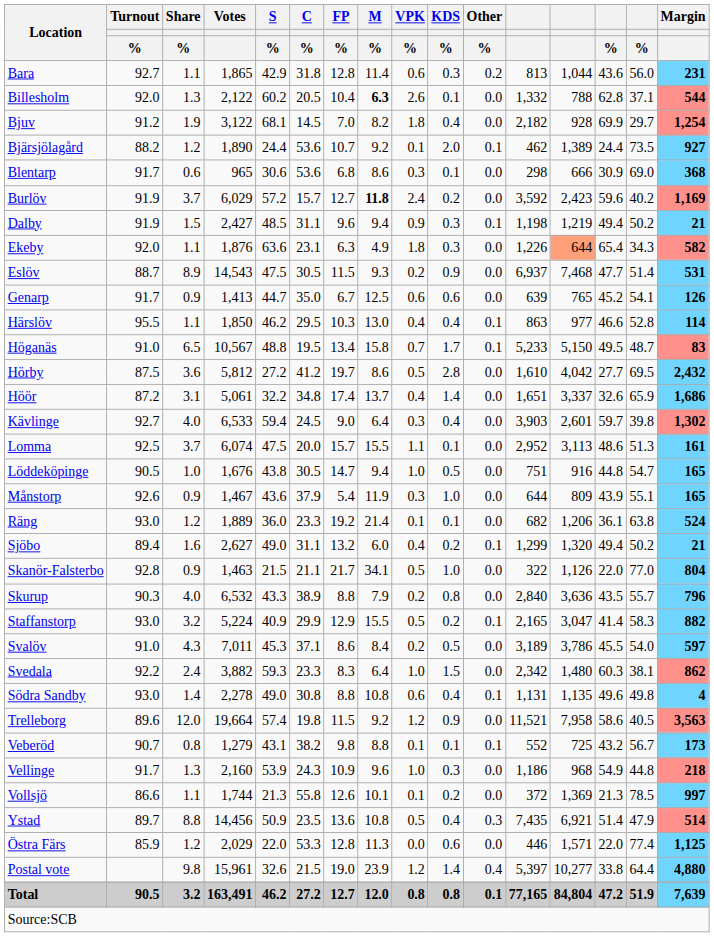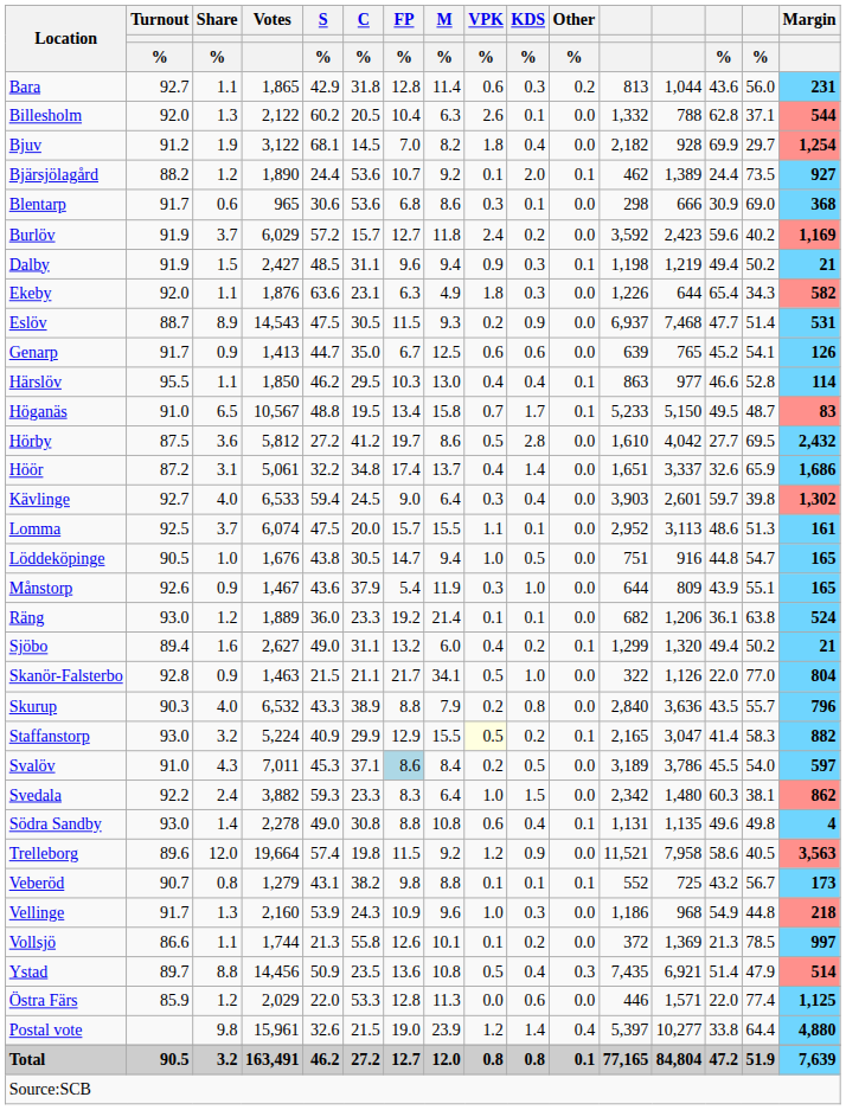 <table class="wikitable sortable" style="text-align:right; font-size:95%; line-height:20px;">
 <tr>
 <th rowspan="3">Location</th>
 <th>Turnout</th>
 <th>Share</th>
 <th>Votes</th>
 <th width="30px" class="unsortable"><a href='#'>S</a></th>
 <th width="30px" class="unsortable"><a href='#'>C</a></th>
 <th width="30px" class="unsortable"><a href='#'>FP</a></th>
 <th width="30px" class="unsortable"><a href='#'>M</a></th>
 <th width="30px" class="unsortable"><a href='#'>VPK</a></th>
 <th width="30px" class="unsortable"><a href='#'>KDS</a></th>
 <th width="30px" class="unsortable">Other</th>
 <th></th>
 <th></th>
 <th></th>
 <th></th>
 <th>Margin</th>
 </tr>
 <tr>
 <th></th>
 <th></th>
 <th></th>
 <th style="background:"></th>
 <th style="background:"></th>
 <th style="background:"></th>
 <th style="background:"></th>
 <th style="background:"></th>
 <th style="background:"></th>
 <th style="background:"></th>
 <th style="background:"></th>
 <th style="background:"></th>
 <th style="background:"></th>
 <th style="background:"></th>
 <th></th>
 </tr>
 <tr>
 <th data-sort-type="number">%</th>
 <th data-sort-type="number">%</th>
 <th></th>
 <th data-sort-type="number">%</th>
 <th data-sort-type="number">%</th>
 <th data-sort-type="number">%</th>
 <th data-sort-type="number">%</th>
 <th data-sort-type="number">%</th>
 <th data-sort-type="number">%</th>
 <th data-sort-type="number">%</th>
 <th data-sort-type="number"></th>
 <th data-sort-type="number"></th>
 <th data-sort-type="number">%</th>
 <th data-sort-type="number">%</th>
 <th data-sort-type="number"></th>
 </tr>
 <tr>
 <td align=left><a href='#'>Bara</a></td>
 <td>92.7</td>
 <td>1.1</td>
 <td>1,865</td>
 <td>42.9</td>
 <td>31.8</td>
 <td>12.8</td>
 <td>11.4</td>
 <td>0.6</td>
 <td>0.3</td>
 <td>0.2</td>
 <td>813</td>
 <td>1,044</td>
 <td>43.6</td>
 <td>56.0</td>
 <td bgcolor=#6fd5fe><strong>231</strong></td>
 </tr>
 <tr>
 <td align=left><a href='#'>Billesholm</a></td>
 <td>92.0</td>
 <td>1.3</td>
 <td>2,122</td>
 <td>60.2</td>
 <td>20.5</td>
 <td>10.4</td>
-<td><strong>6.3</strong></td>
+<td>6.3</td>
 <td>2.6</td>
 <td>0.1</td>
 <td>0.0</td>
 <td>1,332</td>
 <td>788</td>
 <td>62.8</td>
 <td>37.1</td>
 <td bgcolor=#ff908c><strong>544</strong></td>
 </tr>
 <tr>
 <td align=left><a href='#'>Bjuv</a></td>
 <td>91.2</td>
 <td>1.9</td>
 <td>3,122</td>
 <td>68.1</td>
 <td>14.5</td>
 <td>7.0</td>
 <td>8.2</td>
 <td>1.8</td>
 <td>0.4</td>
 <td>0.0</td>
 <td>2,182</td>
 <td>928</td>
 <td>69.9</td>
 <td>29.7</td>
 <td bgcolor=#ff908c><strong>1,254</strong></td>
 </tr>
 <tr>
 <td align=left><a href='#'>Bjärsjölagård</a></td>
 <td>88.2</td>
 <td>1.2</td>
 <td>1,890</td>
 <td>24.4</td>
 <td>53.6</td>
 <td>10.7</td>
 <td>9.2</td>
 <td>0.1</td>
 <td>2.0</td>
 <td>0.1</td>
 <td>462</td>
 <td>1,389</td>
 <td>24.4</td>
 <td>73.5</td>
 <td bgcolor=#6fd5fe><strong>927</strong></td>
 </tr>
 <tr>
 <td align=left><a href='#'>Blentarp</a></td>
 <td>91.7</td>
 <td>0.6</td>
 <td>965</td>
 <td>30.6</td>
 <td>53.6</td>
 <td>6.8</td>
 <td>8.6</td>
 <td>0.3</td>
 <td>0.1</td>
 <td>0.0</td>
 <td>298</td>
 <td>666</td>
 <td>30.9</td>
 <td>69.0</td>
 <td bgcolor=#6fd5fe><strong>368</strong></td>
 </tr>
 <tr>
 <td align=left><a href='#'>Burlöv</a></td>
 <td>91.9</td>
 <td>3.7</td>
 <td>6,029</td>
 <td>57.2</td>
 <td>15.7</td>
 <td>12.7</td>
-<td><strong>11.8</strong></td>
+<td>11.8</td>
 <td>2.4</td>
 <td>0.2</td>
 <td>0.0</td>
 <td>3,592</td>
 <td>2,423</td>
 <td>59.6</td>
 <td>40.2</td>
 <td bgcolor=#ff908c><strong>1,169</strong></td>
 </tr>
 <tr>
 <td align=left><a href='#'>Dalby</a></td>
 <td>91.9</td>
 <td>1.5</td>
 <td>2,427</td>
 <td>48.5</td>
 <td>31.1</td>
 <td>9.6</td>
 <td>9.4</td>
 <td>0.9</td>
 <td>0.3</td>
 <td>0.1</td>
 <td>1,198</td>
 <td>1,219</td>
 <td>49.4</td>
 <td>50.2</td>
 <td bgcolor=#6fd5fe><strong>21</strong></td>
 </tr>
 <tr>
 <td align=left><a href='#'>Ekeby</a></td>
 <td>92.0</td>
 <td>1.1</td>
 <td>1,876</td>
 <td>63.6</td>
 <td>23.1</td>
 <td>6.3</td>
 <td>4.9</td>
 <td>1.8</td>
 <td>0.3</td>
 <td>0.0</td>
 <td>1,226</td>
-<td style="background: lightsalmon;">644</td>
+<td>644</td>
 <td>65.4</td>
 <td>34.3</td>
 <td bgcolor=#ff908c><strong>582</strong></td>
 </tr>
 <tr>
 <td align=left><a href='#'>Eslöv</a></td>
 <td>88.7</td>
 <td>8.9</td>
 <td>14,543</td>
 <td>47.5</td>
 <td>30.5</td>
 <td>11.5</td>
 <td>9.3</td>
 <td>0.2</td>
 <td>0.9</td>
 <td>0.0</td>
 <td>6,937</td>
 <td>7,468</td>
 <td>47.7</td>
 <td>51.4</td>
 <td bgcolor=#6fd5fe><strong>531</strong></td>
 </tr>
 <tr>
 <td align=left><a href='#'>Genarp</a></td>
 <td>91.7</td>
 <td>0.9</td>
 <td>1,413</td>
 <td>44.7</td>
 <td>35.0</td>
 <td>6.7</td>
 <td>12.5</td>
 <td>0.6</td>
 <td>0.6</td>
 <td>0.0</td>
 <td>639</td>
 <td>765</td>
 <td>45.2</td>
 <td>54.1</td>
 <td bgcolor=#6fd5fe><strong>126</strong></td>
 </tr>
 <tr>
 <td align=left><a href='#'>Härslöv</a></td>
 <td>95.5</td>
 <td>1.1</td>
 <td>1,850</td>
 <td>46.2</td>
 <td>29.5</td>
 <td>10.3</td>
 <td>13.0</td>
 <td>0.4</td>
 <td>0.4</td>
 <td>0.1</td>
 <td>863</td>
 <td>977</td>
 <td>46.6</td>
 <td>52.8</td>
 <td bgcolor=#6fd5fe><strong>114</strong></td>
 </tr>
 <tr>
 <td align=left><a href='#'>Höganäs</a></td>
 <td>91.0</td>
 <td>6.5</td>
 <td>10,567</td>
 <td>48.8</td>
 <td>19.5</td>
 <td>13.4</td>
 <td>15.8</td>
 <td>0.7</td>
 <td>1.7</td>
 <td>0.1</td>
 <td>5,233</td>
 <td>5,150</td>
 <td>49.5</td>
 <td>48.7</td>
 <td bgcolor=#ff908c><strong>83</strong></td>
 </tr>
 <tr>
 <td align=left><a href='#'>Hörby</a></td>
 <td>87.5</td>
 <td>3.6</td>
 <td>5,812</td>
 <td>27.2</td>
 <td>41.2</td>
 <td>19.7</td>
 <td>8.6</td>
 <td>0.5</td>
 <td>2.8</td>
 <td>0.0</td>
 <td>1,610</td>
 <td>4,042</td>
 <td>27.7</td>
 <td>69.5</td>
 <td bgcolor=#6fd5fe><strong>2,432</strong></td>
 </tr>
 <tr>
 <td align=left><a href='#'>Höör</a></td>
 <td>87.2</td>
 <td>3.1</td>
 <td>5,061</td>
 <td>32.2</td>
 <td>34.8</td>
 <td>17.4</td>
 <td>13.7</td>
 <td>0.4</td>
 <td>1.4</td>
 <td>0.0</td>
 <td>1,651</td>
 <td>3,337</td>
 <td>32.6</td>
 <td>65.9</td>
 <td bgcolor=#6fd5fe><strong>1,686</strong></td>
 </tr>
 <tr>
 <td align=left><a href='#'>Kävlinge</a></td>
 <td>92.7</td>
 <td>4.0</td>
 <td>6,533</td>
 <td>59.4</td>
 <td>24.5</td>
 <td>9.0</td>
 <td>6.4</td>
 <td>0.3</td>
 <td>0.4</td>
 <td>0.0</td>
 <td>3,903</td>
 <td>2,601</td>
 <td>59.7</td>
 <td>39.8</td>
 <td bgcolor=#ff908c><strong>1,302</strong></td>
 </tr>
 <tr>
 <td align=left><a href='#'>Lomma</a></td>
 <td>92.5</td>
 <td>3.7</td>
 <td>6,074</td>
 <td>47.5</td>
 <td>20.0</td>
 <td>15.7</td>
 <td>15.5</td>
 <td>1.1</td>
 <td>0.1</td>
 <td>0.0</td>
 <td>2,952</td>
 <td>3,113</td>
 <td>48.6</td>
 <td>51.3</td>
 <td bgcolor=#6fd5fe><strong>161</strong></td>
 </tr>
 <tr>
 <td align=left><a href='#'>Löddeköpinge</a></td>
 <td>90.5</td>
 <td>1.0</td>
 <td>1,676</td>
 <td>43.8</td>
 <td>30.5</td>
 <td>14.7</td>
 <td>9.4</td>
 <td>1.0</td>
 <td>0.5</td>
 <td>0.0</td>
 <td>751</td>
 <td>916</td>
 <td>44.8</td>
 <td>54.7</td>
 <td bgcolor=#6fd5fe><strong>165</strong></td>
 </tr>
 <tr>
 <td align=left><a href='#'>Månstorp</a></td>
 <td>92.6</td>
 <td>0.9</td>
 <td>1,467</td>
 <td>43.6</td>
 <td>37.9</td>
 <td>5.4</td>
 <td>11.9</td>
 <td>0.3</td>
 <td>1.0</td>
 <td>0.0</td>
 <td>644</td>
 <td>809</td>
 <td>43.9</td>
 <td>55.1</td>
 <td bgcolor=#6fd5fe><strong>165</strong></td>
 </tr>
 <tr>
 <td align=left><a href='#'>Räng</a></td>
 <td>93.0</td>
 <td>1.2</td>
 <td>1,889</td>
 <td>36.0</td>
 <td>23.3</td>
 <td>19.2</td>
 <td>21.4</td>
 <td>0.1</td>
 <td>0.1</td>
 <td>0.0</td>
 <td>682</td>
 <td>1,206</td>
 <td>36.1</td>
 <td>63.8</td>
 <td bgcolor=#6fd5fe><strong>524</strong></td>
 </tr>
 <tr>
 <td align=left><a href='#'>Sjöbo</a></td>
 <td>89.4</td>
 <td>1.6</td>
 <td>2,627</td>
 <td>49.0</td>
 <td>31.1</td>
 <td>13.2</td>
 <td>6.0</td>
 <td>0.4</td>
 <td>0.2</td>
 <td>0.1</td>
 <td>1,299</td>
 <td>1,320</td>
 <td>49.4</td>
 <td>50.2</td>
 <td bgcolor=#6fd5fe><strong>21</strong></td>
 </tr>
 <tr>
 <td align=left><a href='#'>Skanör-Falsterbo</a></td>
 <td>92.8</td>
 <td>0.9</td>
 <td>1,463</td>
 <td>21.5</td>
 <td>21.1</td>
 <td>21.7</td>
 <td>34.1</td>
 <td>0.5</td>
 <td>1.0</td>
 <td>0.0</td>
 <td>322</td>
 <td>1,126</td>
 <td>22.0</td>
 <td>77.0</td>
 <td bgcolor=#6fd5fe><strong>804</strong></td>
 </tr>
 <tr>
 <td align=left><a href='#'>Skurup</a></td>
 <td>90.3</td>
 <td>4.0</td>
 <td>6,532</td>
 <td>43.3</td>
 <td>38.9</td>
 <td>8.8</td>
 <td>7.9</td>
 <td>0.2</td>
 <td>0.8</td>
 <td>0.0</td>
 <td>2,840</td>
 <td>3,636</td>
 <td>43.5</td>
 <td>55.7</td>
 <td bgcolor=#6fd5fe><strong>796</strong></td>
 </tr>
 <tr>
 <td align=left><a href='#'>Staffanstorp</a></td>
 <td>93.0</td>
 <td>3.2</td>
 <td>5,224</td>
 <td>40.9</td>
 <td>29.9</td>
 <td>12.9</td>
 <td>15.5</td>
-<td>0.5</td>
+<td style="background: lightyellow;">0.5</td>
 <td>0.2</td>
 <td>0.1</td>
 <td>2,165</td>
 <td>3,047</td>
 <td>41.4</td>
 <td>58.3</td>
 <td bgcolor=#6fd5fe><strong>882</strong></td>
 </tr>
 <tr>
 <td align=left><a href='#'>Svalöv</a></td>
 <td>91.0</td>
 <td>4.3</td>
 <td>7,011</td>
 <td>45.3</td>
 <td>37.1</td>
-<td>8.6</td>
+<td style="background: lightblue;">8.6</td>
 <td>8.4</td>
 <td>0.2</td>
 <td>0.5</td>
 <td>0.0</td>
 <td>3,189</td>
 <td>3,786</td>
 <td>45.5</td>
 <td>54.0</td>
 <td bgcolor=#6fd5fe><strong>597</strong></td>
 </tr>
 <tr>
 <td align=left><a href='#'>Svedala</a></td>
 <td>92.2</td>
 <td>2.4</td>
 <td>3,882</td>
 <td>59.3</td>
 <td>23.3</td>
 <td>8.3</td>
 <td>6.4</td>
 <td>1.0</td>
 <td>1.5</td>
 <td>0.0</td>
 <td>2,342</td>
 <td>1,480</td>
 <td>60.3</td>
 <td>38.1</td>
 <td bgcolor=#ff908c><strong>862</strong></td>
 </tr>
 <tr>
 <td align=left><a href='#'>Södra Sandby</a></td>
 <td>93.0</td>
 <td>1.4</td>
 <td>2,278</td>
 <td>49.0</td>
 <td>30.8</td>
 <td>8.8</td>
 <td>10.8</td>
 <td>0.6</td>
 <td>0.4</td>
 <td>0.1</td>
 <td>1,131</td>
 <td>1,135</td>
 <td>49.6</td>
 <td>49.8</td>
 <td bgcolor=#6fd5fe><strong>4</strong></td>
 </tr>
 <tr>
 <td align=left><a href='#'>Trelleborg</a></td>
 <td>89.6</td>
 <td>12.0</td>
 <td>19,664</td>
 <td>57.4</td>
 <td>19.8</td>
 <td>11.5</td>
 <td>9.2</td>
 <td>1.2</td>
 <td>0.9</td>
 <td>0.0</td>
 <td>11,521</td>
 <td>7,958</td>
 <td>58.6</td>
 <td>40.5</td>
 <td bgcolor=#ff908c><strong>3,563</strong></td>
 </tr>
 <tr>
 <td align=left><a href='#'>Veberöd</a></td>
 <td>90.7</td>
 <td>0.8</td>
 <td>1,279</td>
 <td>43.1</td>
 <td>38.2</td>
 <td>9.8</td>
 <td>8.8</td>
 <td>0.1</td>
 <td>0.1</td>
 <td>0.1</td>
 <td>552</td>
 <td>725</td>
 <td>43.2</td>
 <td>56.7</td>
 <td bgcolor=#6fd5fe><strong>173</strong></td>
 </tr>
 <tr>
 <td align=left><a href='#'>Vellinge</a></td>
 <td>91.7</td>
 <td>1.3</td>
 <td>2,160</td>
 <td>53.9</td>
 <td>24.3</td>
 <td>10.9</td>
 <td>9.6</td>
 <td>1.0</td>
 <td>0.3</td>
 <td>0.0</td>
 <td>1,186</td>
 <td>968</td>
 <td>54.9</td>
 <td>44.8</td>
 <td bgcolor=#ff908c><strong>218</strong></td>
 </tr>
 <tr>
 <td align=left><a href='#'>Vollsjö</a></td>
 <td>86.6</td>
 <td>1.1</td>
 <td>1,744</td>
 <td>21.3</td>
 <td>55.8</td>
 <td>12.6</td>
 <td>10.1</td>
 <td>0.1</td>
 <td>0.2</td>
 <td>0.0</td>
 <td>372</td>
 <td>1,369</td>
 <td>21.3</td>
 <td>78.5</td>
 <td bgcolor=#6fd5fe><strong>997</strong></td>
 </tr>
 <tr>
 <td align=left><a href='#'>Ystad</a></td>
 <td>89.7</td>
 <td>8.8</td>
 <td>14,456</td>
 <td>50.9</td>
 <td>23.5</td>
 <td>13.6</td>
 <td>10.8</td>
 <td>0.5</td>
 <td>0.4</td>
 <td>0.3</td>
 <td>7,435</td>
 <td>6,921</td>
 <td>51.4</td>
 <td>47.9</td>
 <td bgcolor=#ff908c><strong>514</strong></td>
 </tr>
 <tr>
 <td align=left><a href='#'>Östra Färs</a></td>
 <td>85.9</td>
 <td>1.2</td>
 <td>2,029</td>
 <td>22.0</td>
 <td>53.3</td>
 <td>12.8</td>
 <td>11.3</td>
 <td>0.0</td>
 <td>0.6</td>
 <td>0.0</td>
 <td>446</td>
 <td>1,571</td>
 <td>22.0</td>
 <td>77.4</td>
 <td bgcolor=#6fd5fe><strong>1,125</strong></td>
 </tr>
 <tr>
 <td align=left><a href='#'>Postal vote</a></td>
 <td></td>
 <td>9.8</td>
 <td>15,961</td>
 <td>32.6</td>
 <td>21.5</td>
 <td>19.0</td>
 <td>23.9</td>
 <td>1.2</td>
 <td>1.4</td>
 <td>0.4</td>
 <td>5,397</td>
 <td>10,277</td>
 <td>33.8</td>
 <td>64.4</td>
 <td bgcolor=#6fd5fe><strong>4,880</strong></td>
 </tr>
 <tr>
 </tr>
 <tr style="background:#CDCDCD;">
 <td align=left><strong>Total</strong></td>
 <td><strong>90.5</strong></td>
 <td><strong>3.2</strong></td>
 <td><strong>163,491</strong></td>
 <td><strong>46.2</strong></td>
 <td><strong>27.2</strong></td>
 <td><strong>12.7</strong></td>
 <td><strong>12.0</strong></td>
 <td><strong>0.8</strong></td>
 <td><strong>0.8</strong></td>
 <td><strong>0.1</strong></td>
 <td><strong>77,165</strong></td>
 <td><strong>84,804</strong></td>
 <td><strong>47.2</strong></td>
 <td><strong>51.9</strong></td>
 <td bgcolor=#6fd5fe><strong>7,639</strong></td>
 </tr>
 <tr>
 <td align=left colspan=16>Source:SCB </td>
 </tr>
 </table>
